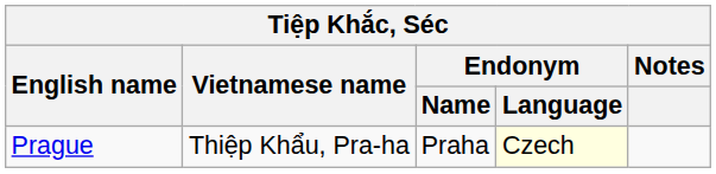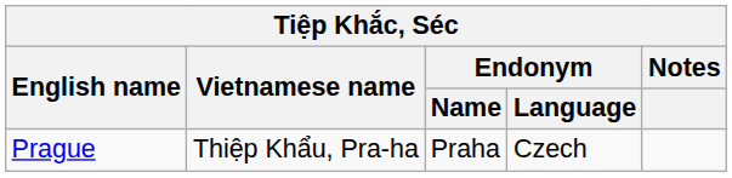 <table class="wikitable sortable">
 <tr>
 <th colspan="5"> Tiệp Khắc, Séc</th>
 </tr>
 <tr>
 <th rowspan="2">English name</th>
 <th rowspan="2">Vietnamese name</th>
 <th colspan="2">Endonym</th>
 <th>Notes</th>
 </tr>
 <tr>
 <th>Name</th>
 <th>Language</th>
 <th></th>
 </tr>
 <tr>
 <td><a href='#'>Prague</a></td>
 <td>Thiệp Khẩu, Pra-ha</td>
 <td>Praha</td>
-<td style="background: lightyellow;">Czech</td>
+<td>Czech</td>
 <td></td>
 </tr>
 </table>
